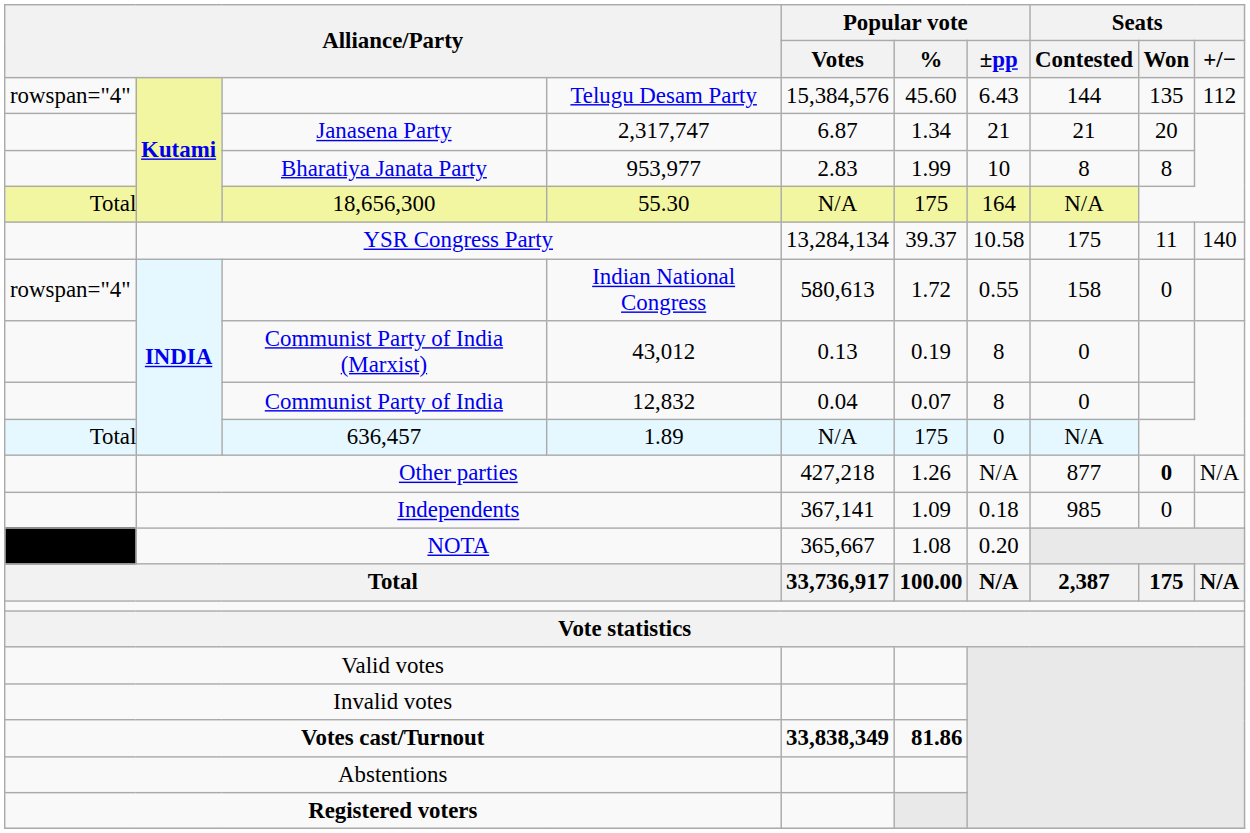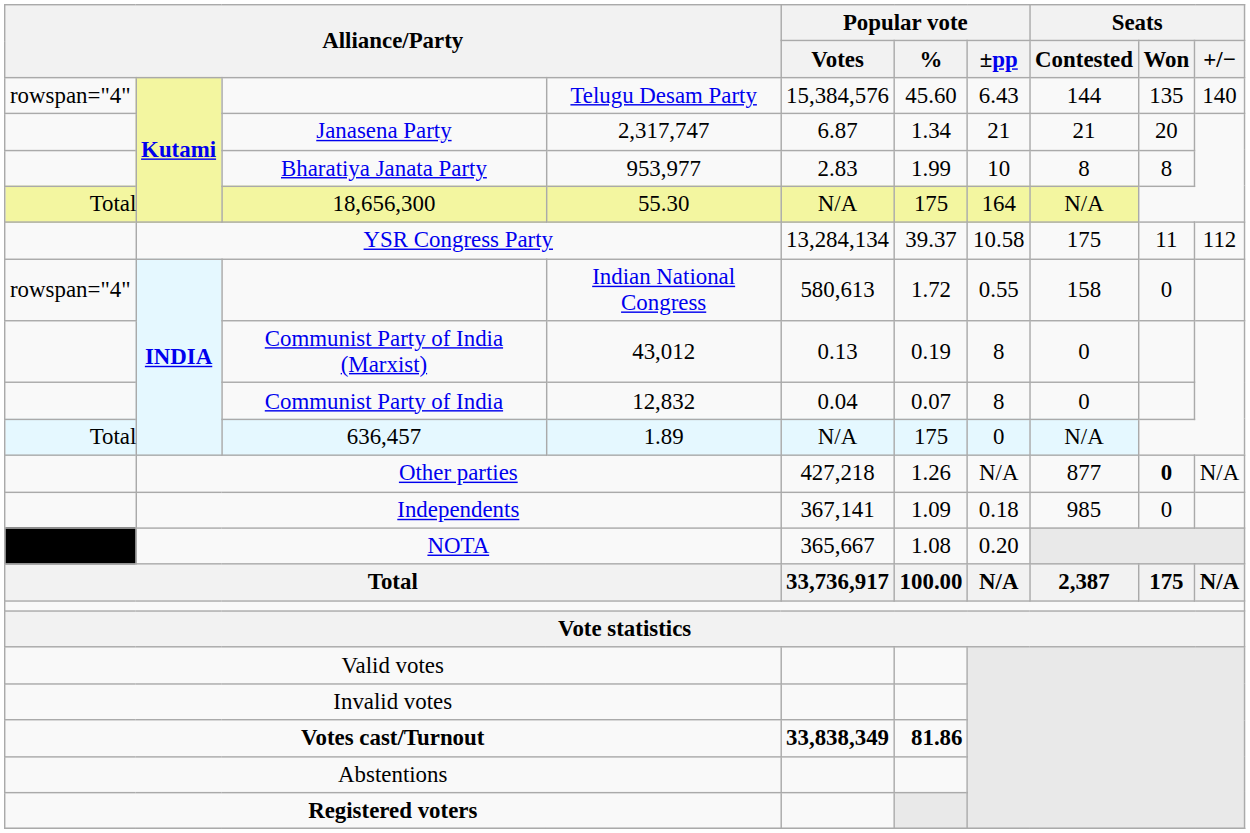 <table class="wikitable sortable" style="text-align:center;">
 <tr>
 <th colspan="4" rowspan="2">Alliance/Party</th>
 <th colspan="3">Popular vote</th>
 <th colspan="3">Seats</th>
 </tr>
 <tr>
 <th>Votes</th>
 <th>%</th>
 <th>±<a href='#'>pp</a></th>
 <th>Contested</th>
 <th>Won</th>
 <th><strong>+/−</strong></th>
 </tr>
 <tr>
 <td>rowspan="4" </td>
 <th rowspan="4"style="background:#f3f6a0"><a href='#'>Kutami</a></th>
 <td></td>
 <td><a href='#'>Telugu Desam Party</a></td>
 <td>15,384,576</td>
 <td>45.60</td>
 <td> 6.43</td>
 <td>144</td>
 <td>135</td>
-<td> 112</td>
+<td> 140</td>
 </tr>
 <tr>
 <td></td>
 <td><a href='#'>Janasena Party</a></td>
 <td>2,317,747</td>
 <td>6.87</td>
 <td> 1.34</td>
 <td>21</td>
 <td>21</td>
 <td> 20</td>
 </tr>
 <tr>
 <td></td>
 <td><a href='#'>Bharatiya Janata Party</a></td>
 <td>953,977</td>
 <td>2.83</td>
 <td> 1.99</td>
 <td>10</td>
 <td>8</td>
 <td> 8</td>
 </tr>
 <tr>
 <td colspan="2"style="background:#f3f6a0">Total</td>
 <td style="background:#f3f6a0">18,656,300</td>
 <td style="background:#f3f6a0">55.30</td>
 <td style="background:#f3f6a0">N/A</td>
 <td style="background:#f3f6a0">175</td>
 <td style="background:#f3f6a0">164</td>
 <td style="background:#f3f6a0">N/A</td>
 </tr>
 <tr>
 <td></td>
 <td colspan="3"><a href='#'>YSR Congress Party</a></td>
 <td>13,284,134</td>
 <td>39.37</td>
 <td> 10.58</td>
 <td>175</td>
 <td>11</td>
-<td> 140</td>
+<td> 112</td>
 </tr>
 <tr>
 <td>rowspan="4" </td>
 <th rowspan="4"style="background:#E5F8FF"><a href='#'>INDIA</a></th>
 <td></td>
 <td><a href='#'>Indian National Congress</a></td>
 <td>580,613</td>
 <td>1.72</td>
 <td> 0.55</td>
 <td>158</td>
 <td>0</td>
 <td></td>
 </tr>
 <tr>
 <td></td>
 <td><a href='#'>Communist Party of India (Marxist)</a></td>
 <td>43,012</td>
 <td>0.13</td>
 <td> 0.19</td>
 <td>8</td>
 <td>0</td>
 <td></td>
 </tr>
 <tr>
 <td></td>
 <td><a href='#'>Communist Party of India</a></td>
 <td>12,832</td>
 <td>0.04</td>
 <td> 0.07</td>
 <td>8</td>
 <td>0</td>
 <td></td>
 </tr>
 <tr>
 <td colspan="2"style="background:#E5F8FF">Total</td>
 <td style="background:#E5F8FF">636,457</td>
 <td style="background:#E5F8FF">1.89</td>
 <td style="background:#E5F8FF">N/A</td>
 <td style="background:#E5F8FF">175</td>
 <td style="background:#E5F8FF">0</td>
 <td style="background:#E5F8FF">N/A</td>
 </tr>
 <tr>
 <td></td>
 <td colspan="3"><a href='#'>Other parties</a></td>
 <td>427,218</td>
 <td>1.26</td>
 <td>N/A</td>
 <td>877</td>
 <td><strong>0</strong></td>
 <td>N/A</td>
 </tr>
 <tr>
 <td></td>
 <td colspan="3"><a href='#'>Independents</a></td>
 <td>367,141</td>
 <td>1.09</td>
 <td> 0.18</td>
 <td>985</td>
 <td>0</td>
 <td></td>
 </tr>
 <tr>
 <td style="background:Black"></td>
 <td colspan="3"><a href='#'>NOTA</a></td>
 <td>365,667</td>
 <td>1.08</td>
 <td> 0.20</td>
 <th colspan="3" style="background-color:#E9E9E9"></th>
 </tr>
 <tr>
 <th colspan="4">Total</th>
 <th>33,736,917</th>
 <th>100.00</th>
 <th>N/A</th>
 <th>2,387</th>
 <th>175</th>
 <th>N/A</th>
 </tr>
 <tr>
 <td colspan="10"></td>
 </tr>
 <tr>
 <th colspan="10">Vote statistics</th>
 </tr>
 <tr>
 <td colspan="4">Valid votes</td>
 <td align="right"></td>
 <td align="right"></td>
 <th colspan="4" rowspan="5" style="background-color:#E9E9E9"></th>
 </tr>
 <tr>
 <td colspan="4">Invalid votes</td>
 <td align="right"></td>
 <td align="right"></td>
 </tr>
 <tr>
 <td colspan="4"><strong>Votes cast/Turnout</strong></td>
 <td align="right"><strong>33,838,349</strong></td>
 <td align="right"><strong>81.86</strong></td>
 </tr>
 <tr>
 <td colspan="4">Abstentions</td>
 <td align="right"></td>
 <td align="right"></td>
 </tr>
 <tr>
 <td colspan="4"><strong>Registered voters</strong></td>
 <td align="right"></td>
 <td style="background-color:#E9E9E9"></td>
 </tr>
 <tr>
 </tr>
 </table>
